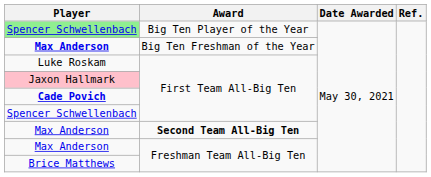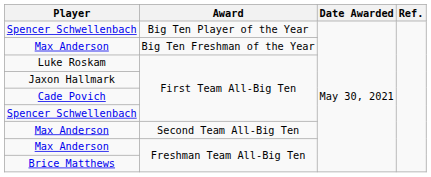 <table class="wikitable sortable sortable" style="text-align: center">
 <tr align=center>
 <th>Player</th>
 <th>Award</th>
 <th>Date Awarded</th>
 <th>Ref.</th>
 </tr>
 <tr>
-<td style="background: lightgreen;"><a href='#'>Spencer Schwellenbach</a></td>
+<td><a href='#'>Spencer Schwellenbach</a></td>
 <td rowspan="1">Big Ten Player of the Year</td>
 <td rowspan="9">May 30, 2021</td>
 <td rowspan="9"></td>
 </tr>
 <tr>
-<td><strong><a href='#'>Max Anderson</a></strong></td>
+<td><a href='#'>Max Anderson</a></td>
 <td rowspan="1">Big Ten Freshman of the Year</td>
 </tr>
 <tr>
 <td>Luke Roskam</td>
 <td rowspan="4">First Team All-Big Ten</td>
 </tr>
 <tr>
-<td style="background: pink;">Jaxon Hallmark</td>
+<td>Jaxon Hallmark</td>
 </tr>
 <tr>
-<td><strong><a href='#'>Cade Povich</a></strong></td>
+<td><a href='#'>Cade Povich</a></td>
 </tr>
 <tr>
 <td><a href='#'>Spencer Schwellenbach</a></td>
 </tr>
 <tr>
 <td><a href='#'>Max Anderson</a></td>
-<td rowspan="1"><strong>Second Team All-Big Ten</strong></td>
+<td rowspan="1">Second Team All-Big Ten</td>
 </tr>
 <tr>
 <td><a href='#'>Max Anderson</a></td>
 <td rowspan="2">Freshman Team All-Big Ten</td>
 </tr>
 <tr>
 <td><a href='#'>Brice Matthews</a></td>
 </tr>
 </table>
